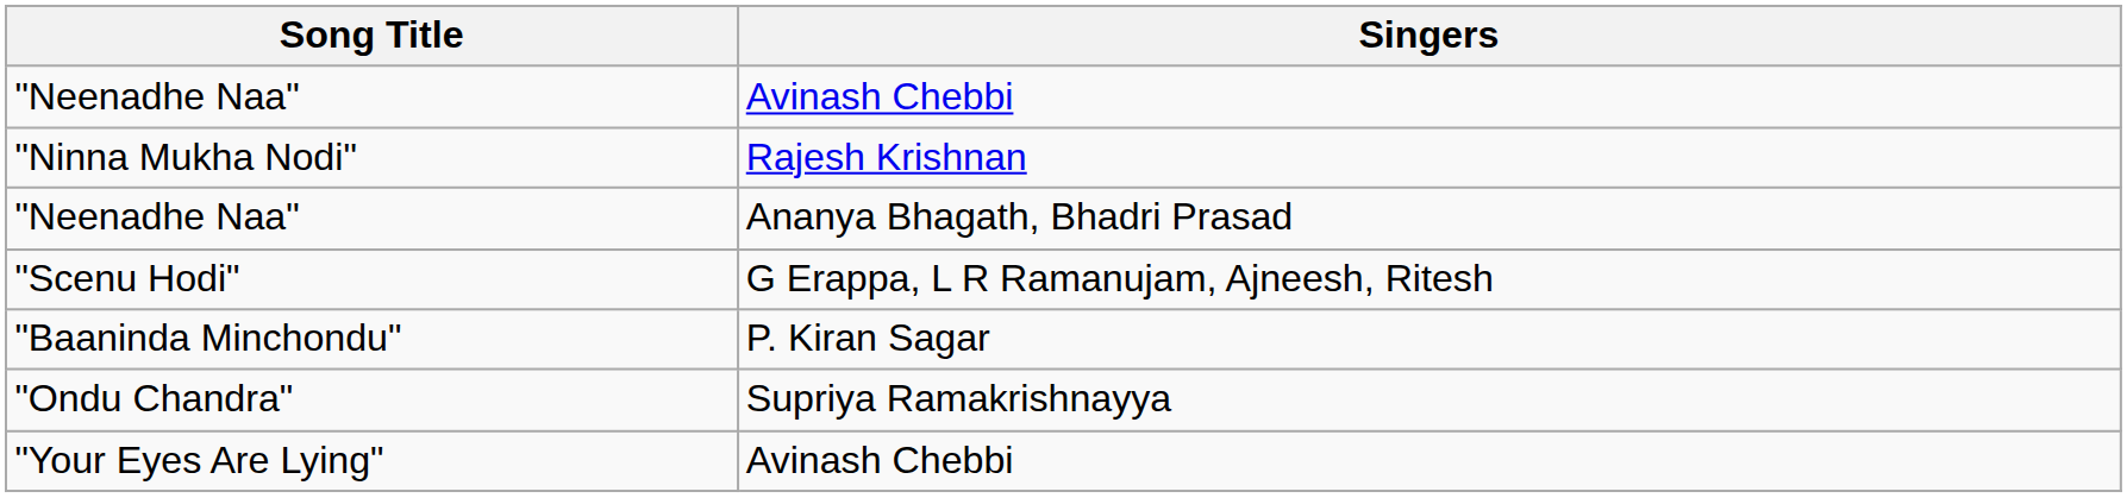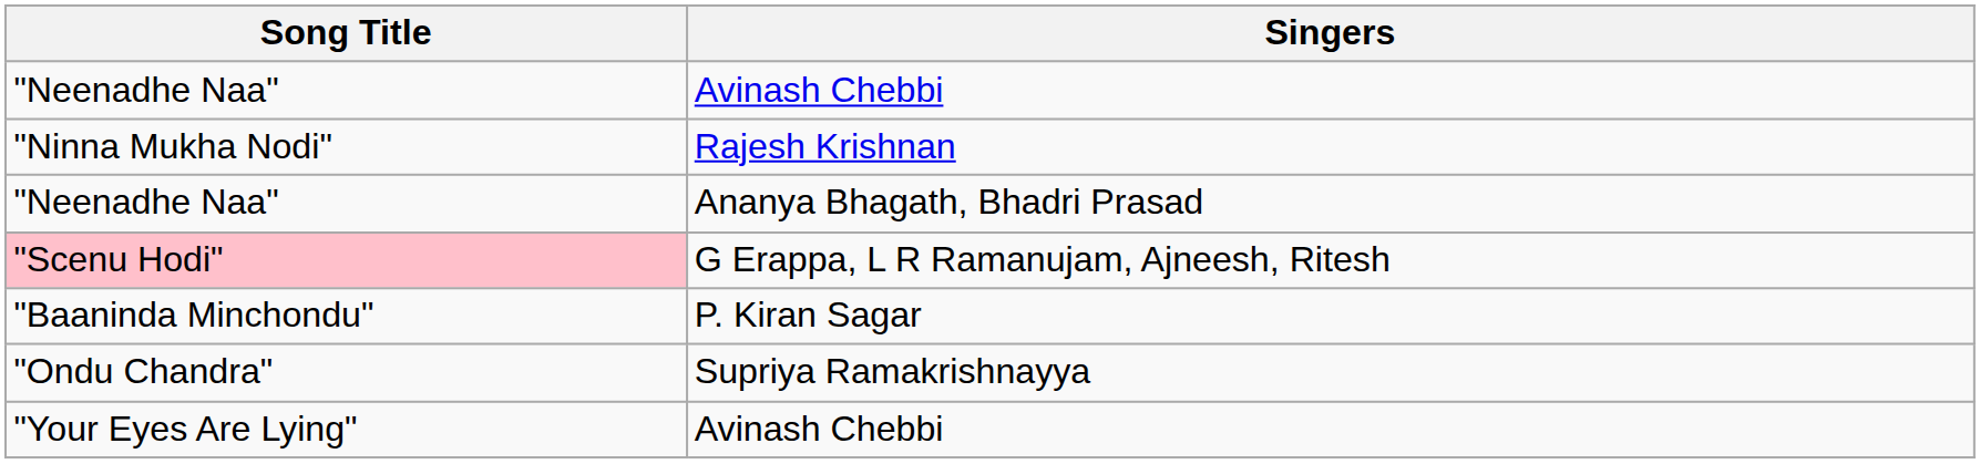 <table class="wikitable" width="70%">
 <tr>
 <th>Song Title</th>
 <th>Singers</th>
 </tr>
 <tr>
 <td>"Neenadhe Naa"</td>
 <td><a href='#'>Avinash Chebbi</a></td>
 </tr>
 <tr>
 <td>"Ninna Mukha Nodi"</td>
 <td><a href='#'>Rajesh Krishnan</a></td>
 </tr>
 <tr>
 <td>"Neenadhe Naa"</td>
 <td>Ananya Bhagath, Bhadri Prasad</td>
 </tr>
 <tr>
-<td>"Scenu Hodi"</td>
+<td style="background: pink;">"Scenu Hodi"</td>
 <td>G Erappa, L R Ramanujam, Ajneesh, Ritesh</td>
 </tr>
 <tr>
 <td>"Baaninda Minchondu"</td>
 <td>P. Kiran Sagar</td>
 </tr>
 <tr>
 <td>"Ondu Chandra"</td>
 <td>Supriya Ramakrishnayya</td>
 </tr>
 <tr>
 <td>"Your Eyes Are Lying"</td>
 <td>Avinash Chebbi</td>
 </tr>
 </table>
